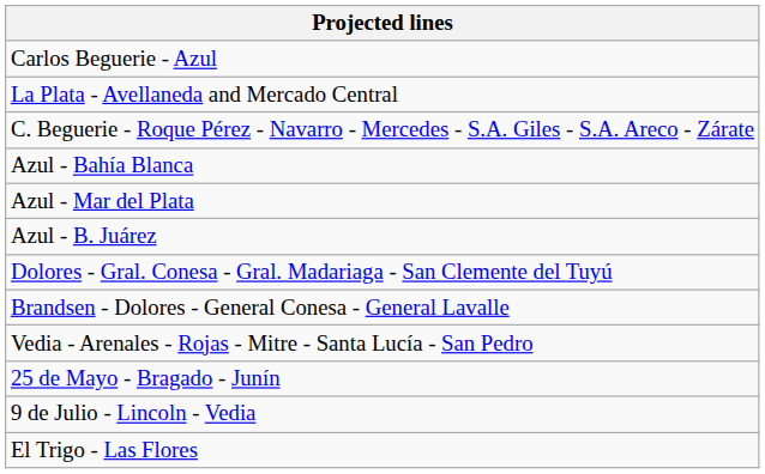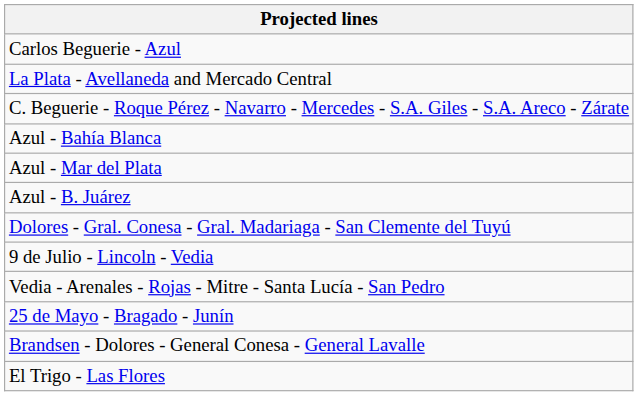 <table class="wikitable">
 <tr>
 <th>Projected lines</th>
 </tr>
 <tr>
 <td>Carlos Beguerie - <a href='#'>Azul</a></td>
 </tr>
 <tr>
 <td><a href='#'>La Plata</a> - <a href='#'>Avellaneda</a> and Mercado Central</td>
 </tr>
 <tr>
 <td>C. Beguerie - <a href='#'>Roque Pérez</a> - <a href='#'>Navarro</a> - <a href='#'>Mercedes</a> - <a href='#'>S.A. Giles</a> - <a href='#'>S.A. Areco</a> - <a href='#'>Zárate</a></td>
 </tr>
 <tr>
 <td>Azul - <a href='#'>Bahía Blanca</a></td>
 </tr>
 <tr>
 <td>Azul - <a href='#'>Mar del Plata</a></td>
 </tr>
 <tr>
 <td>Azul - <a href='#'>B. Juárez</a></td>
 </tr>
 <tr>
 <td><a href='#'>Dolores</a> - <a href='#'>Gral. Conesa</a> - <a href='#'>Gral. Madariaga</a> - <a href='#'>San Clemente del Tuyú</a></td>
 </tr>
 <tr>
-<td><a href='#'>Brandsen</a> - Dolores - General Conesa - <a href='#'>General Lavalle</a></td>
+<td>9 de Julio - <a href='#'>Lincoln</a> - <a href='#'>Vedia</a></td>
 </tr>
 <tr>
 <td>Vedia - Arenales - <a href='#'>Rojas</a> - Mitre - Santa Lucía - <a href='#'>San Pedro</a></td>
 </tr>
 <tr>
 <td><a href='#'>25 de Mayo</a> - <a href='#'>Bragado</a> - <a href='#'>Junín</a></td>
 </tr>
 <tr>
-<td>9 de Julio - <a href='#'>Lincoln</a> - <a href='#'>Vedia</a></td>
+<td><a href='#'>Brandsen</a> - Dolores - General Conesa - <a href='#'>General Lavalle</a></td>
 </tr>
 <tr>
 <td>El Trigo - <a href='#'>Las Flores</a></td>
 </tr>
 </table>
